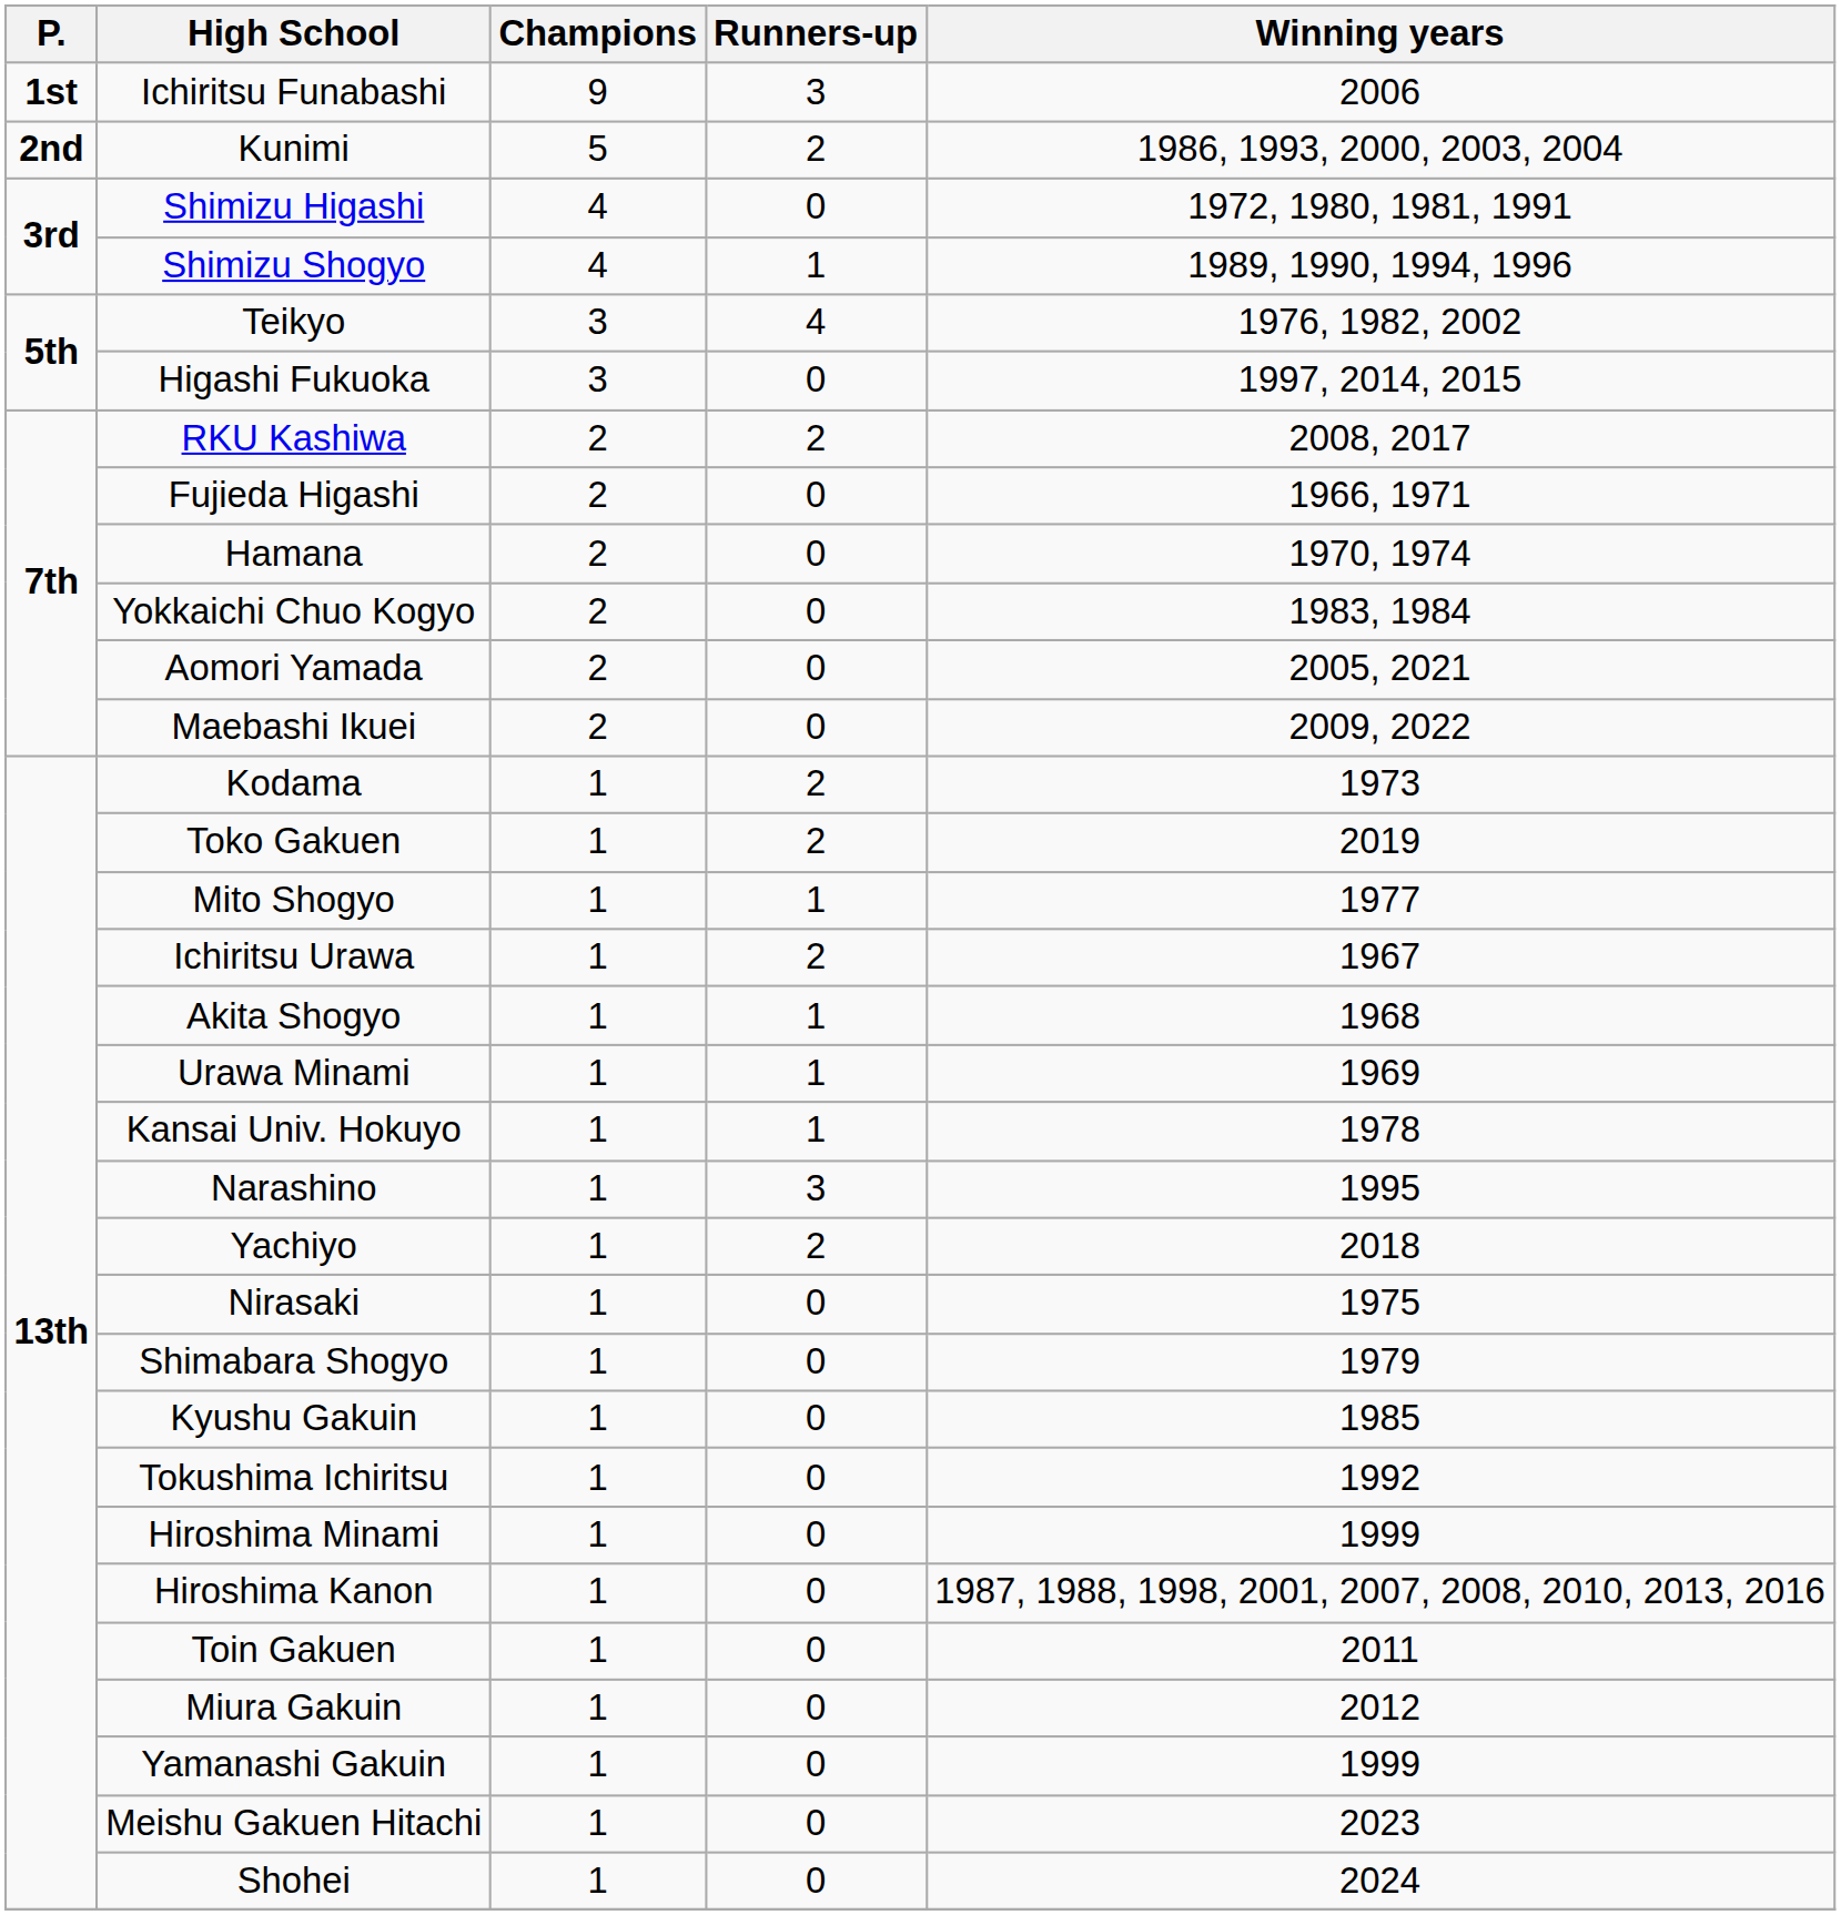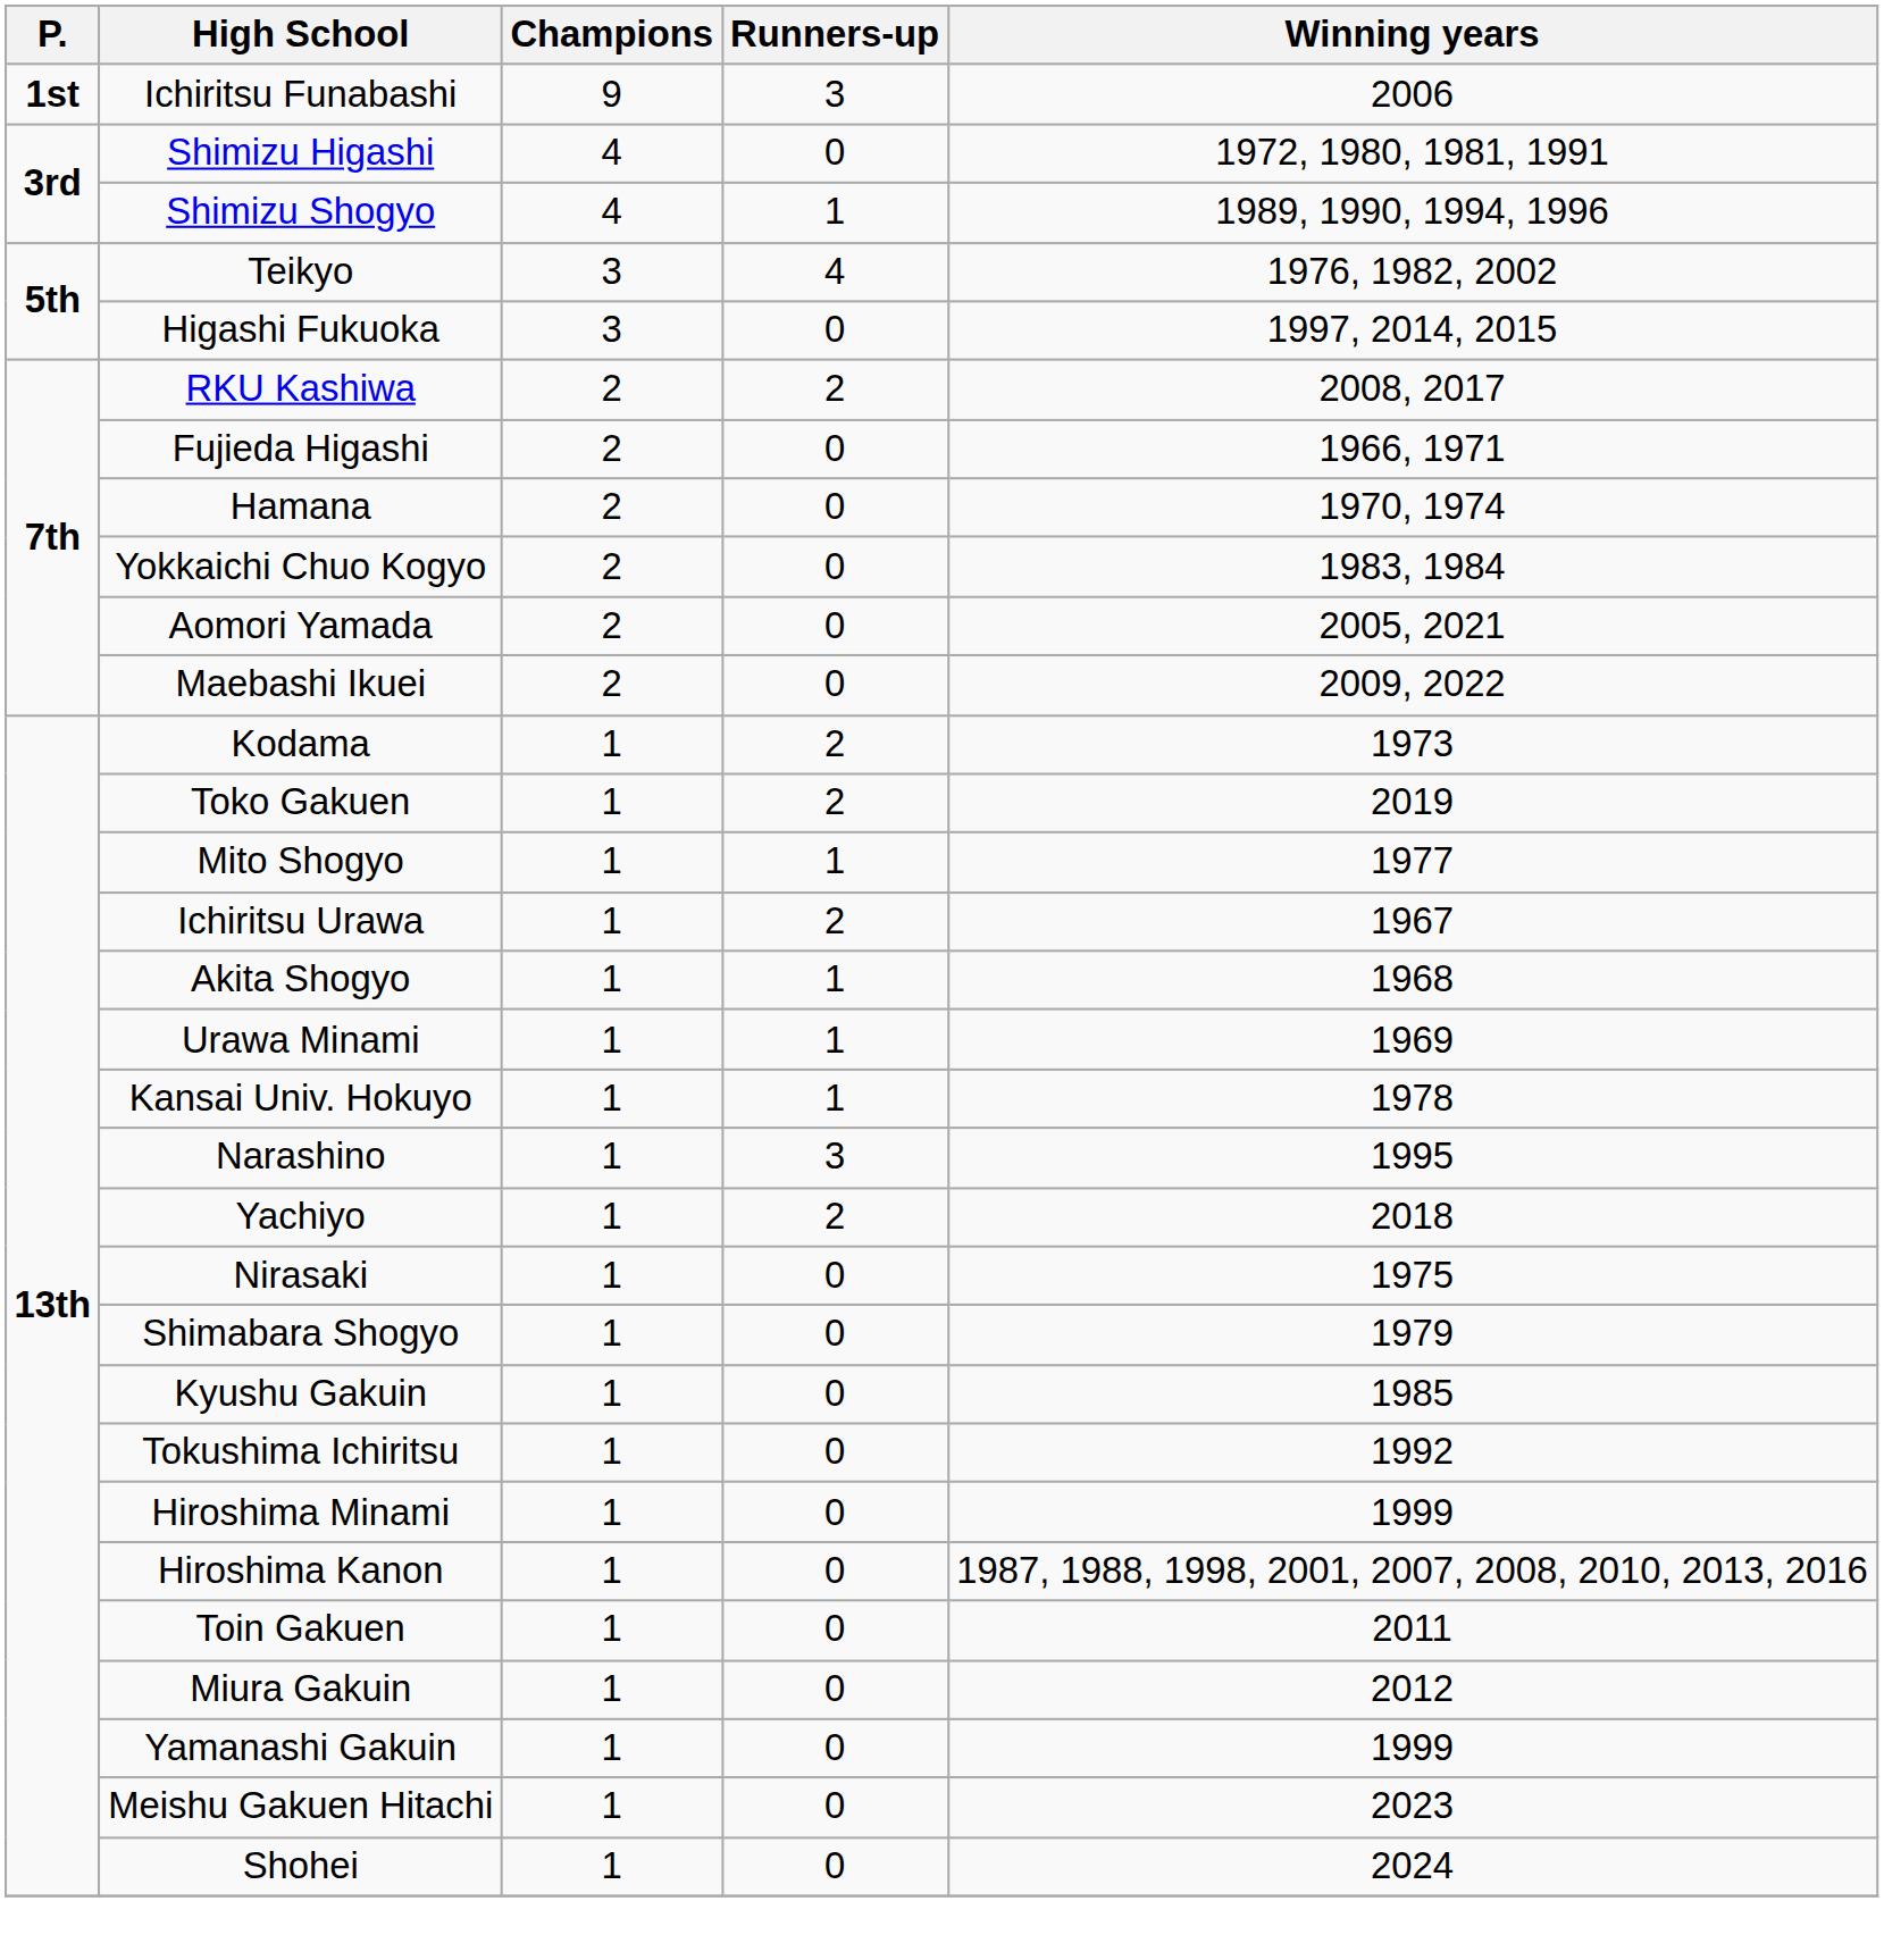 <table class="wikitable sortable" style="text-align: center;">
 <tr>
 <th>P.</th>
 <th>High School</th>
 <th>Champions</th>
 <th>Runners-up</th>
 <th>Winning years</th>
 </tr>
 <tr>
 <td><strong>1st</strong></td>
 <td>Ichiritsu Funabashi</td>
 <td>9</td>
 <td>3</td>
 <td>2006</td>
-</tr>
-<tr>
-<td><strong>2nd</strong></td>
-<td>Kunimi</td>
-<td>5</td>
-<td>2</td>
-<td>1986, 1993, 2000, 2003, 2004</td>
 </tr>
 <tr>
 <td rowspan="2"><strong>3rd</strong></td>
 <td><a href='#'>Shimizu Higashi</a></td>
 <td>4</td>
 <td>0</td>
 <td>1972, 1980, 1981, 1991</td>
 </tr>
 <tr>
 <td><a href='#'>Shimizu Shogyo</a></td>
 <td>4</td>
 <td>1</td>
 <td>1989, 1990, 1994, 1996</td>
 </tr>
 <tr>
 <td rowspan="2"><strong>5th</strong></td>
 <td>Teikyo</td>
 <td>3</td>
 <td>4</td>
 <td>1976, 1982, 2002</td>
 </tr>
 <tr>
 <td>Higashi Fukuoka</td>
 <td>3</td>
 <td>0</td>
 <td>1997, 2014, 2015</td>
 </tr>
 <tr>
 <td rowspan="6"><strong>7th</strong></td>
 <td><a href='#'>RKU Kashiwa</a></td>
 <td>2</td>
 <td>2</td>
 <td>2008, 2017</td>
 </tr>
 <tr>
 <td>Fujieda Higashi</td>
 <td>2</td>
 <td>0</td>
 <td>1966, 1971</td>
 </tr>
 <tr>
 <td>Hamana</td>
 <td>2</td>
 <td>0</td>
 <td>1970, 1974</td>
 </tr>
 <tr>
 <td>Yokkaichi Chuo Kogyo</td>
 <td>2</td>
 <td>0</td>
 <td>1983, 1984</td>
 </tr>
 <tr>
 <td>Aomori Yamada</td>
 <td>2</td>
 <td>0</td>
 <td>2005, 2021</td>
 </tr>
 <tr>
 <td>Maebashi Ikuei</td>
 <td>2</td>
 <td>0</td>
 <td>2009, 2022</td>
 </tr>
 <tr>
 <td rowspan="20"><strong>13th</strong></td>
 <td>Kodama</td>
 <td>1</td>
 <td>2</td>
 <td>1973</td>
 </tr>
 <tr>
 <td>Toko Gakuen</td>
 <td>1</td>
 <td>2</td>
 <td>2019</td>
 </tr>
 <tr>
 <td>Mito Shogyo</td>
 <td>1</td>
 <td>1</td>
 <td>1977</td>
 </tr>
 <tr>
 <td>Ichiritsu Urawa</td>
 <td>1</td>
 <td>2</td>
 <td>1967</td>
 </tr>
 <tr>
 <td>Akita Shogyo</td>
 <td>1</td>
 <td>1</td>
 <td>1968</td>
 </tr>
 <tr>
 <td>Urawa Minami</td>
 <td>1</td>
 <td>1</td>
 <td>1969</td>
 </tr>
 <tr>
 <td>Kansai Univ. Hokuyo</td>
 <td>1</td>
 <td>1</td>
 <td>1978</td>
 </tr>
 <tr>
 <td>Narashino</td>
 <td>1</td>
 <td>3</td>
 <td>1995</td>
 </tr>
 <tr>
 <td>Yachiyo</td>
 <td>1</td>
 <td>2</td>
 <td>2018</td>
 </tr>
 <tr>
 <td>Nirasaki</td>
 <td>1</td>
 <td>0</td>
 <td>1975</td>
 </tr>
 <tr>
 <td>Shimabara Shogyo</td>
 <td>1</td>
 <td>0</td>
 <td>1979</td>
 </tr>
 <tr>
 <td>Kyushu Gakuin</td>
 <td>1</td>
 <td>0</td>
 <td>1985</td>
 </tr>
 <tr>
 <td>Tokushima Ichiritsu</td>
 <td>1</td>
 <td>0</td>
 <td>1992</td>
 </tr>
 <tr>
 <td>Hiroshima Minami</td>
 <td>1</td>
 <td>0</td>
 <td>1999</td>
 </tr>
 <tr>
 <td>Hiroshima Kanon</td>
 <td>1</td>
 <td>0</td>
 <td>1987, 1988, 1998, 2001, 2007, 2008, 2010, 2013, 2016</td>
 </tr>
 <tr>
 <td>Toin Gakuen</td>
 <td>1</td>
 <td>0</td>
 <td>2011</td>
 </tr>
 <tr>
 <td>Miura Gakuin</td>
 <td>1</td>
 <td>0</td>
 <td>2012</td>
 </tr>
 <tr>
 <td>Yamanashi Gakuin</td>
 <td>1</td>
 <td>0</td>
 <td>1999</td>
 </tr>
 <tr>
 <td>Meishu Gakuen Hitachi</td>
 <td>1</td>
 <td>0</td>
 <td>2023</td>
 </tr>
 <tr>
 <td>Shohei</td>
 <td>1</td>
 <td>0</td>
 <td>2024</td>
 </tr>
 <tr>
 </tr>
 </table>
